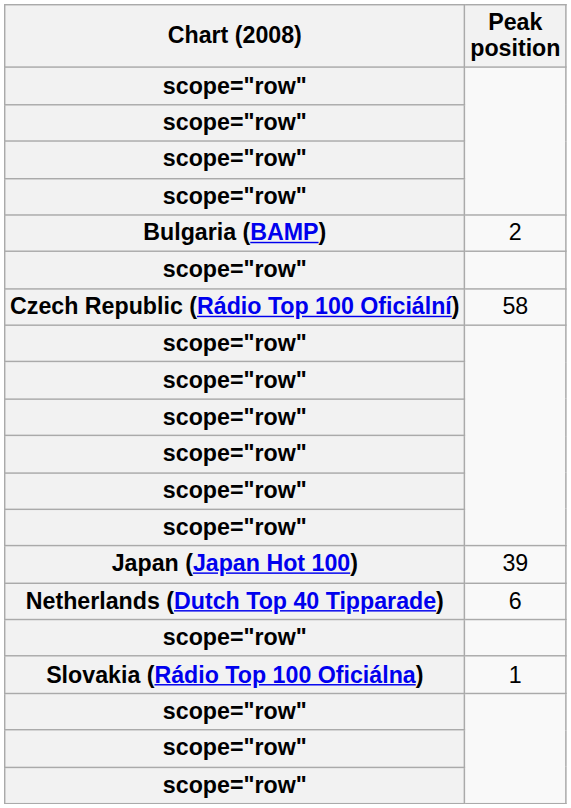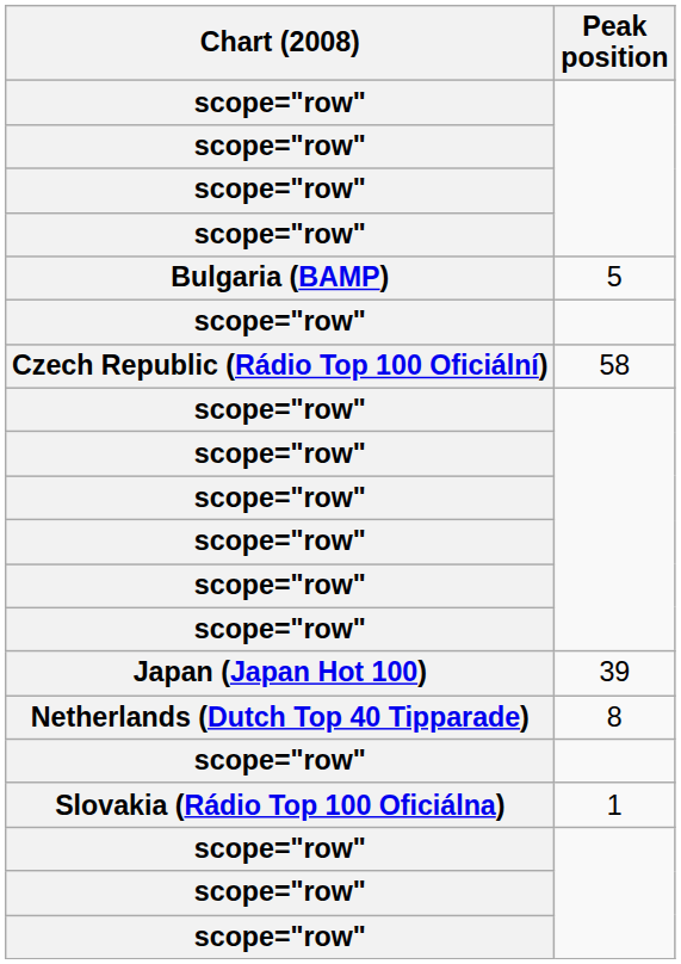 <table class="wikitable sortable plainrowheaders" style="text-align:center;">
 <tr>
 <th align="left">Chart (2008)</th>
 <th align="center">Peak<br>position</th>
 </tr>
 <tr>
 <th>scope="row" </th>
 </tr>
 <tr>
 <th>scope="row" </th>
 </tr>
 <tr>
 <th>scope="row" </th>
 </tr>
 <tr>
 <th>scope="row" </th>
 </tr>
 <tr>
 <th scope="row">Bulgaria (<a href='#'>BAMP</a>)</th>
-<td>2</td>
+<td>5</td>
 </tr>
 <tr>
 <th>scope="row" </th>
 </tr>
 <tr>
 <th scope="row">Czech Republic (<a href='#'>Rádio Top 100 Oficiální</a>)</th>
 <td align="center">58</td>
 </tr>
 <tr>
 <th>scope="row" </th>
 </tr>
 <tr>
 <th>scope="row"  <br></th>
 </tr>
 <tr>
 <th>scope="row" </th>
 </tr>
 <tr>
 <th>scope="row" </th>
 </tr>
 <tr>
 <th>scope="row" </th>
 </tr>
 <tr>
 <th>scope="row" </th>
 </tr>
 <tr>
 <th scope="row">Japan (<a href='#'>Japan Hot 100</a>)</th>
 <td style="text-align:center;">39</td>
 </tr>
 <tr>
 <th scope="row">Netherlands (<a href='#'>Dutch Top 40 Tipparade</a>)</th>
-<td>6</td>
+<td>8</td>
 </tr>
 <tr>
 <th>scope="row" </th>
 </tr>
 <tr>
 <th scope="row">Slovakia (<a href='#'>Rádio Top 100 Oficiálna</a>)</th>
 <td style="text-align:center;">1</td>
 </tr>
 <tr>
 <th>scope="row" </th>
 </tr>
 <tr>
 <th>scope="row" </th>
 </tr>
 <tr>
 <th>scope="row" </th>
 </tr>
 </table>
